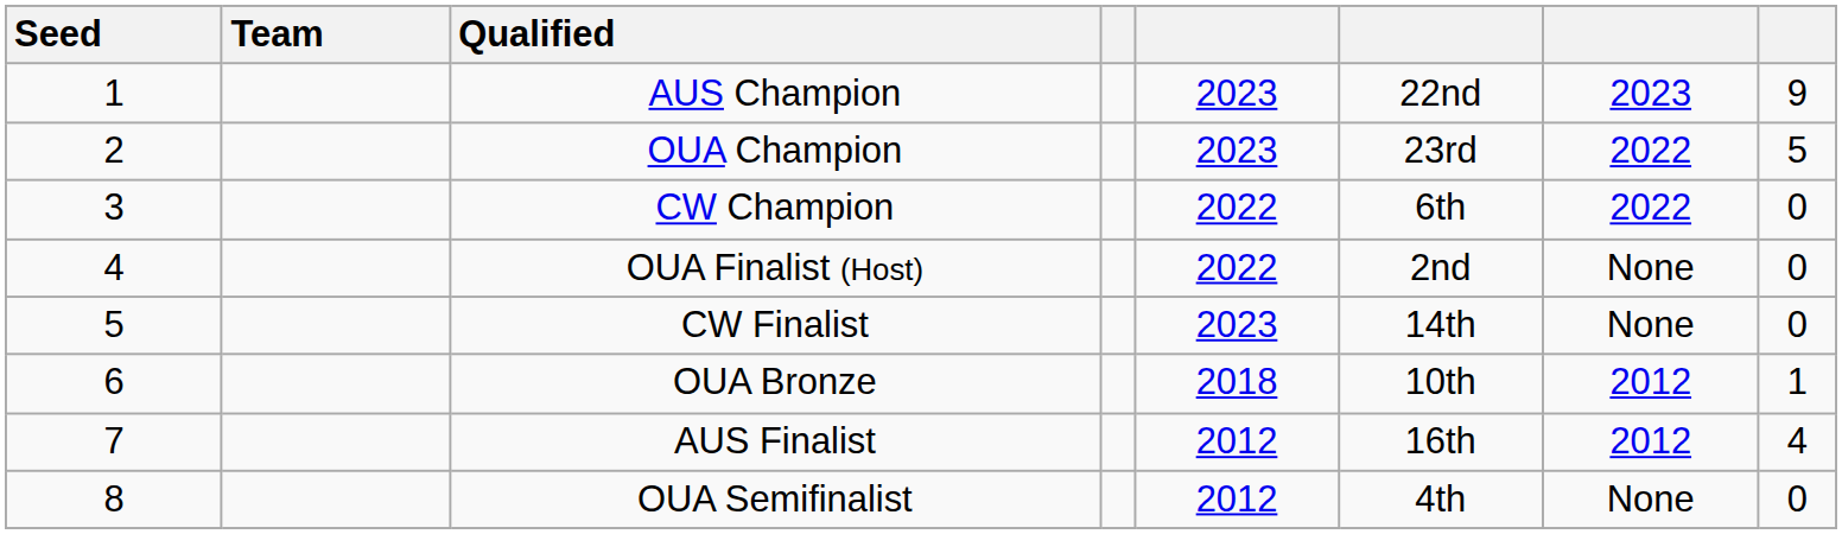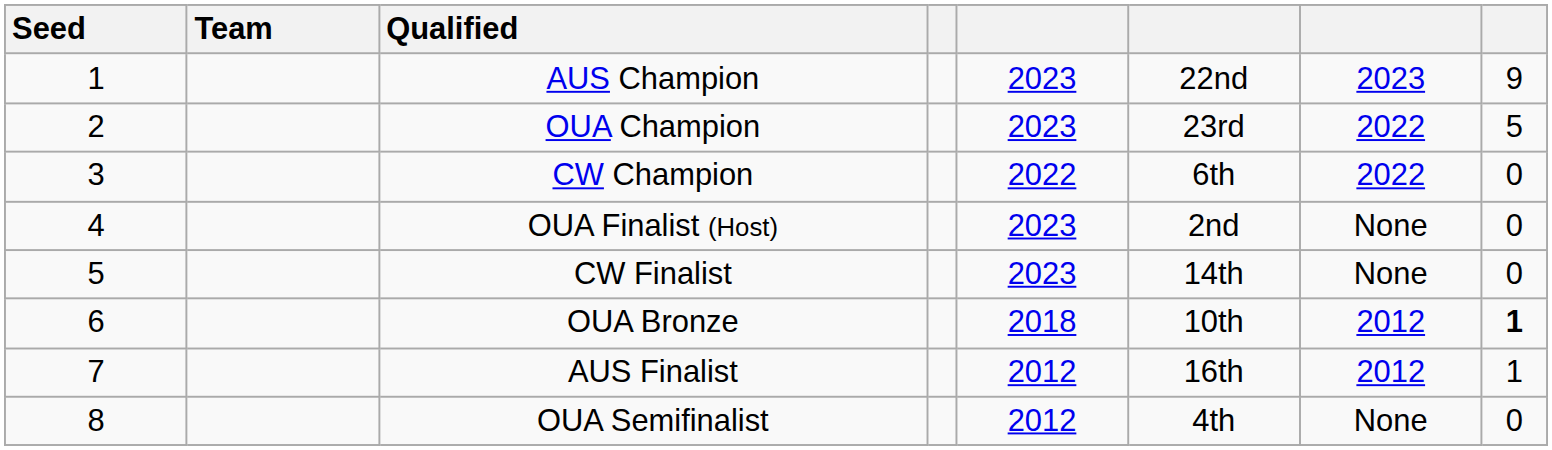 <table class="wikitable sortable" width=800>
 <tr>
 <th style="text-align:left">Seed</th>
 <th style="text-align:left">Team</th>
 <th style="text-align:left">Qualified</th>
 <th style="text-align:left"></th>
 <th style="text-align:left"></th>
 <th style="text-align:left"></th>
 <th style="text-align:left"></th>
 <th style="text-align:left"></th>
 </tr>
 <tr style="text-align:center">
 <td>1</td>
 <td><a href='#'></a></td>
 <td><a href='#'>AUS</a> Champion</td>
 <td></td>
 <td><a href='#'>2023</a></td>
 <td>22nd</td>
 <td><a href='#'>2023</a></td>
 <td>9</td>
 </tr>
 <tr style="text-align:center">
 <td>2</td>
 <td><a href='#'></a></td>
 <td><a href='#'>OUA</a> Champion</td>
 <td></td>
 <td><a href='#'>2023</a></td>
 <td>23rd</td>
 <td><a href='#'>2022</a></td>
 <td>5</td>
 </tr>
 <tr style="text-align:center">
 <td>3</td>
 <td><a href='#'></a></td>
 <td><a href='#'>CW</a> Champion</td>
 <td></td>
 <td><a href='#'>2022</a></td>
 <td>6th</td>
 <td><a href='#'>2022</a></td>
 <td>0</td>
 </tr>
 <tr style="text-align:center">
 <td>4</td>
 <td><a href='#'></a></td>
 <td>OUA Finalist <small>(Host)</small></td>
 <td></td>
-<td><a href='#'>2022</a></td>
+<td><a href='#'>2023</a></td>
 <td>2nd</td>
 <td>None</td>
 <td>0</td>
 </tr>
 <tr style="text-align:center">
 <td>5</td>
 <td><a href='#'></a></td>
 <td>CW Finalist</td>
 <td></td>
 <td><a href='#'>2023</a></td>
 <td>14th</td>
 <td>None</td>
 <td>0</td>
 </tr>
 <tr style="text-align:center">
 <td>6</td>
 <td><a href='#'></a></td>
 <td>OUA Bronze</td>
 <td></td>
 <td><a href='#'>2018</a></td>
 <td>10th</td>
 <td><a href='#'>2012</a></td>
-<td>1</td>
+<td><strong>1</strong></td>
 </tr>
 <tr style="text-align:center">
 <td>7</td>
 <td><a href='#'></a></td>
 <td>AUS Finalist</td>
 <td></td>
 <td><a href='#'>2012</a></td>
 <td>16th</td>
 <td><a href='#'>2012</a></td>
-<td>4</td>
+<td>1</td>
 </tr>
 <tr style="text-align:center">
 <td>8</td>
 <td><a href='#'></a></td>
 <td>OUA Semifinalist</td>
 <td></td>
 <td><a href='#'>2012</a></td>
 <td>4th</td>
 <td>None</td>
 <td>0</td>
 </tr>
 </table>
